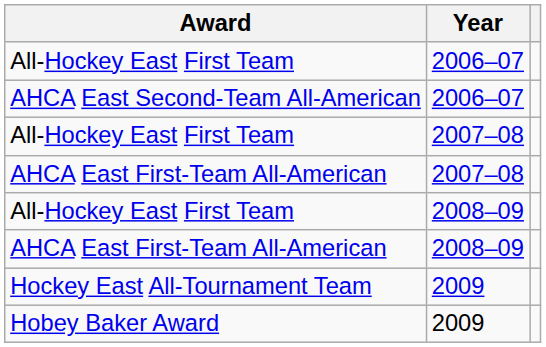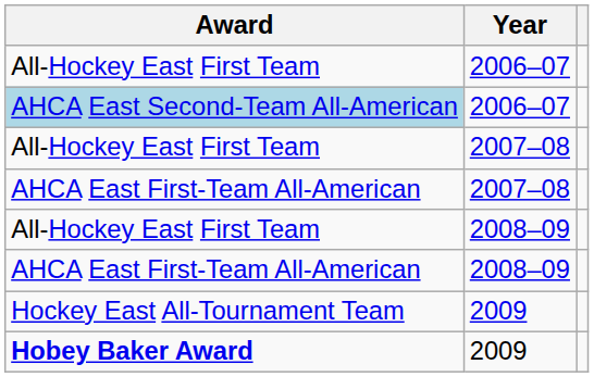 <table class="wikitable">
 <tr>
 <th>Award</th>
 <th>Year</th>
 <th></th>
 </tr>
 <tr>
 <td>All-<a href='#'>Hockey East</a> <a href='#'>First Team</a></td>
 <td><a href='#'>2006–07</a></td>
 <td></td>
 </tr>
 <tr>
-<td><a href='#'>AHCA</a> <a href='#'>East Second-Team All-American</a></td>
+<td style="background: lightblue;"><a href='#'>AHCA</a> <a href='#'>East Second-Team All-American</a></td>
 <td><a href='#'>2006–07</a></td>
 <td></td>
 </tr>
 <tr>
 <td>All-<a href='#'>Hockey East</a> <a href='#'>First Team</a></td>
 <td><a href='#'>2007–08</a></td>
 <td></td>
 </tr>
 <tr>
 <td><a href='#'>AHCA</a> <a href='#'>East First-Team All-American</a></td>
 <td><a href='#'>2007–08</a></td>
 <td></td>
 </tr>
 <tr>
 <td>All-<a href='#'>Hockey East</a> <a href='#'>First Team</a></td>
 <td><a href='#'>2008–09</a></td>
 <td></td>
 </tr>
 <tr>
 <td><a href='#'>AHCA</a> <a href='#'>East First-Team All-American</a></td>
 <td><a href='#'>2008–09</a></td>
 <td></td>
 </tr>
 <tr>
 <td><a href='#'>Hockey East</a> <a href='#'>All-Tournament Team</a></td>
 <td><a href='#'>2009</a></td>
 <td></td>
 </tr>
 <tr>
-<td><a href='#'>Hobey Baker Award</a></td>
+<td><strong><a href='#'>Hobey Baker Award</a></strong></td>
 <td>2009</td>
 <td></td>
 </tr>
 </table>
